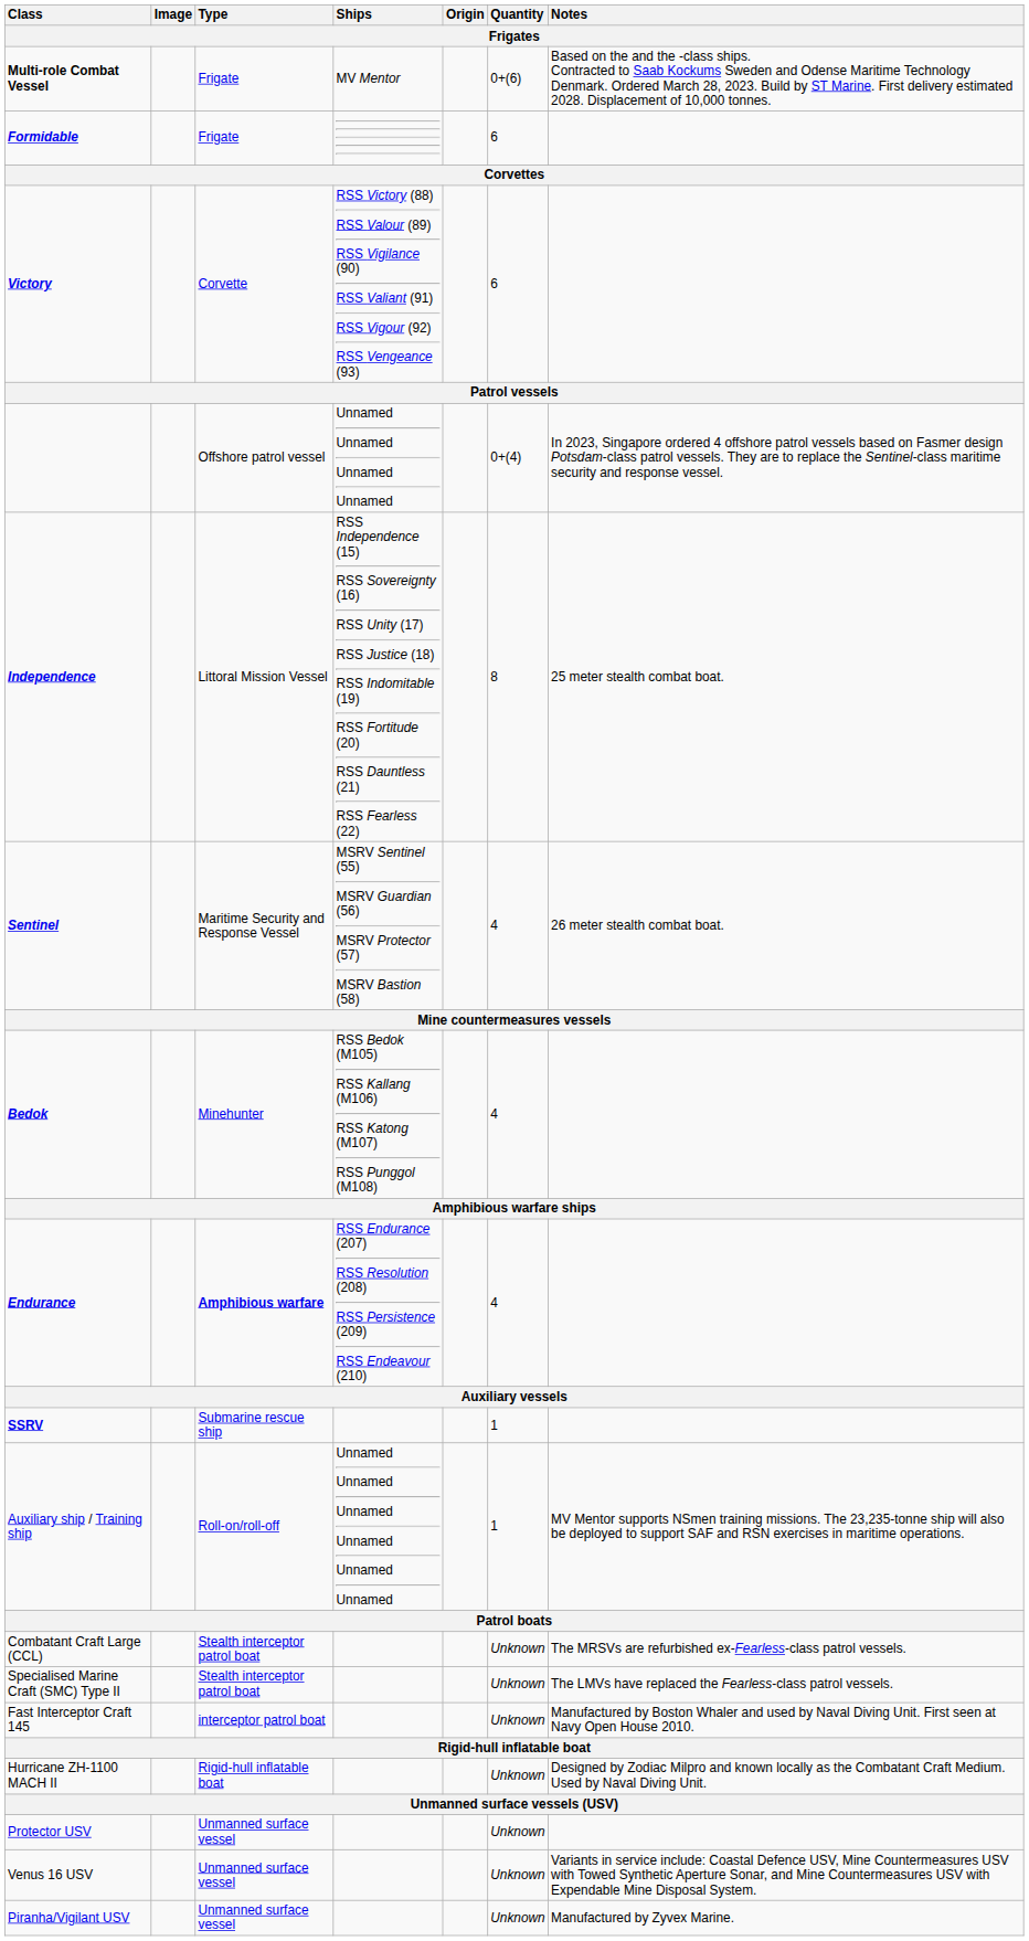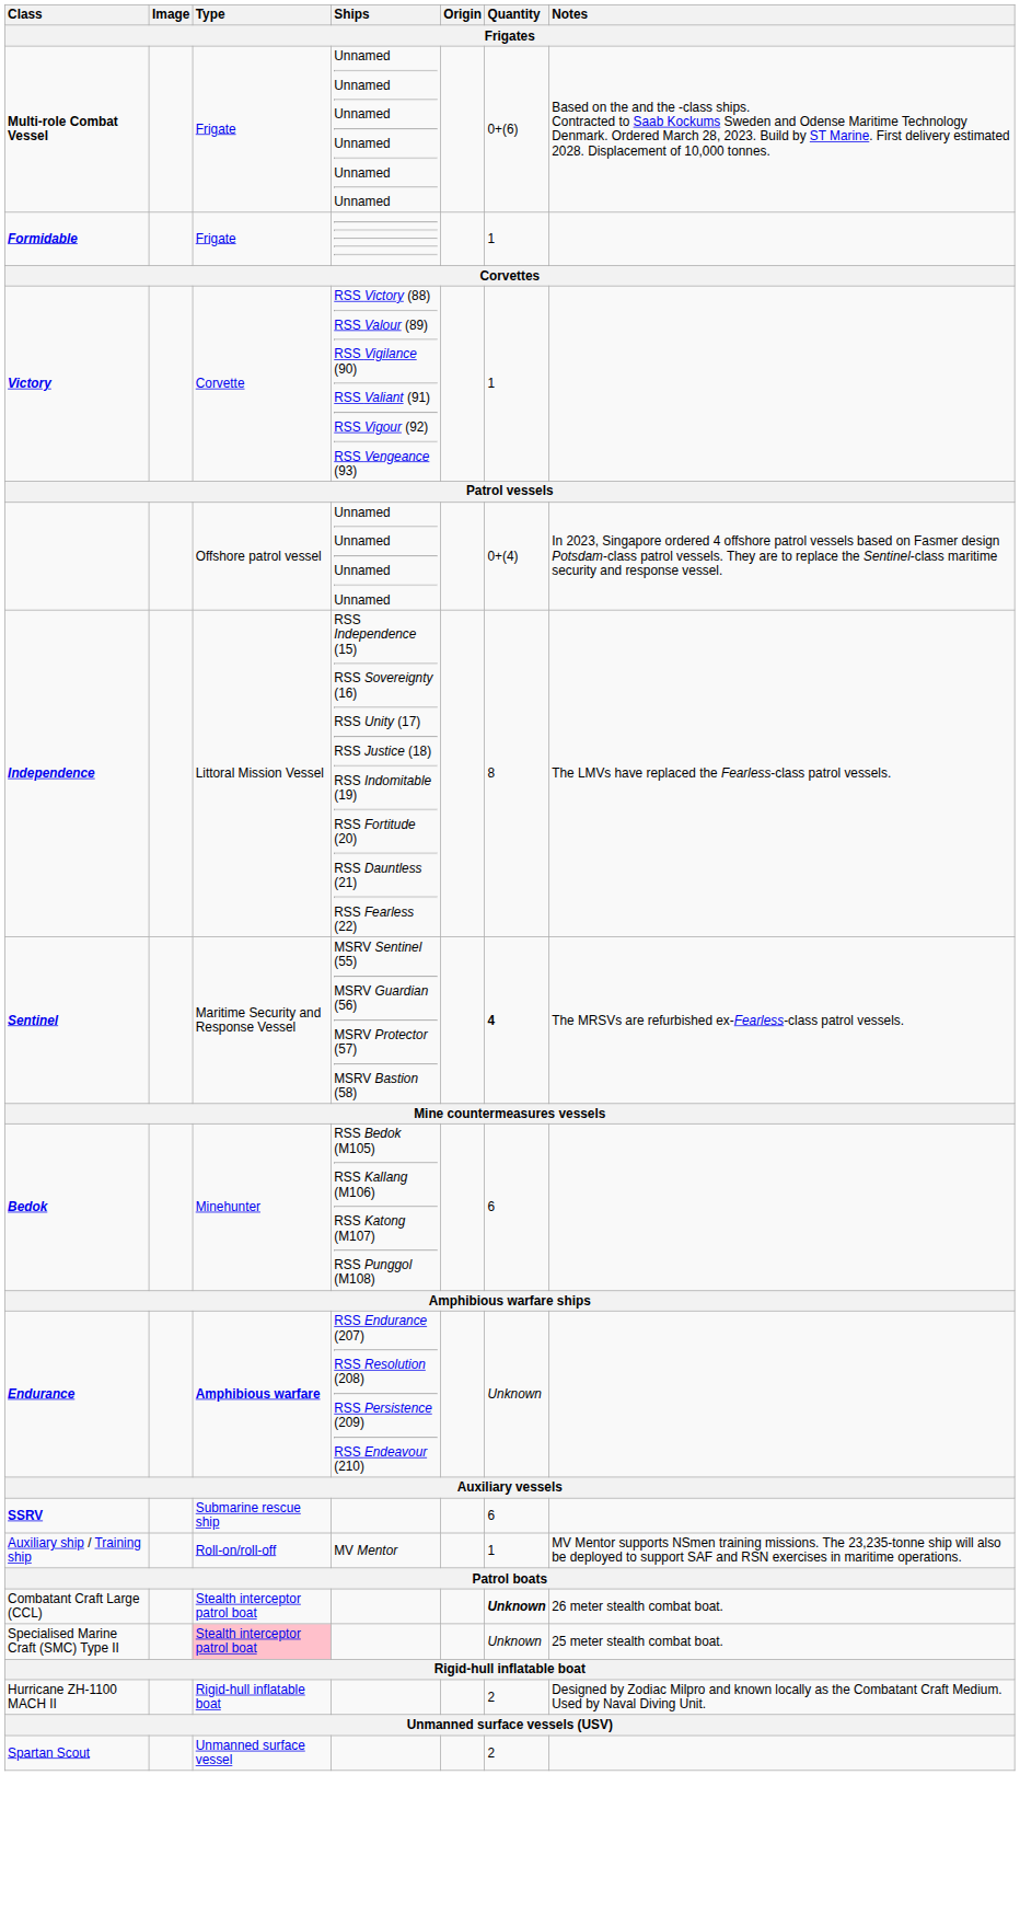 <table class="wikitable">
 <tr>
 <th style="text-align: left;">Class</th>
 <th style="text-align: left;">Image</th>
 <th style="text-align: left;">Type</th>
 <th style="text-align: left;">Ships</th>
 <th style="text-align: left;">Origin</th>
 <th style="text-align: left;">Quantity</th>
 <th style="text-align: left;">Notes</th>
 </tr>
 <tr>
 <th colspan="7">Frigates</th>
 </tr>
 <tr>
 <td><strong>Multi-role Combat Vessel</strong></td>
 <td></td>
 <td><a href='#'>Frigate</a></td>
-<td>MV <em>Mentor</em></td>
+<td>Unnamed<hr>Unnamed<hr>Unnamed<hr>Unnamed<hr>Unnamed<hr>Unnamed</td>
 <td><br><br></td>
 <td>0+(6)</td>
 <td>Based on the   and the -class ships.<br>Contracted to <a href='#'>Saab Kockums</a> Sweden and  Odense Maritime Technology Denmark. Ordered March 28, 2023.  Build by <a href='#'>ST Marine</a>.  First delivery estimated 2028. Displacement of 10,000 tonnes.</td>
 </tr>
 <tr>
 <td><strong><em><a href='#'>Formidable</a></em></strong></td>
 <td></td>
 <td><a href='#'>Frigate</a></td>
 <td><hr><hr><hr><hr><hr></td>
 <td><br></td>
-<td>6</td>
+<td>1</td>
 <td></td>
 </tr>
 <tr>
 <th colspan="7">Corvettes</th>
 </tr>
 <tr>
 <td><strong><em><a href='#'>Victory</a></em></strong></td>
 <td></td>
 <td><a href='#'>Corvette</a></td>
 <td><a href='#'>RSS <em>Victory</em></a> (88)<hr><a href='#'>RSS <em>Valour</em></a> (89)<hr><a href='#'>RSS <em>Vigilance</em></a> (90)<hr><a href='#'>RSS <em>Valiant</em></a> (91)<hr><a href='#'>RSS <em>Vigour</em></a> (92)<hr><a href='#'>RSS <em>Vengeance</em></a> (93)</td>
 <td><br></td>
-<td>6</td>
+<td>1</td>
 <td></td>
 </tr>
 <tr>
 <th colspan="7">Patrol vessels</th>
 </tr>
 <tr>
 <td><strong><em></em></strong></td>
 <td></td>
 <td>Offshore patrol vessel</td>
 <td>Unnamed<hr>Unnamed<hr>Unnamed<hr>Unnamed</td>
 <td></td>
 <td>0+(4)</td>
 <td>In 2023, Singapore ordered 4 offshore patrol vessels based on Fasmer design <em>Potsdam</em>-class patrol vessels. They are to replace the <em>Sentinel</em>-class maritime security and response vessel.</td>
 </tr>
 <tr>
 <td><strong><em><a href='#'>Independence</a></em></strong></td>
 <td></td>
 <td>Littoral Mission Vessel</td>
 <td>RSS <em>Independence</em> (15)<hr>RSS <em>Sovereignty</em> (16)<hr>RSS <em>Unity</em> (17)<hr>RSS <em>Justice</em> (18)<hr>RSS <em>Indomitable</em> (19)<hr>RSS <em>Fortitude</em> (20)<hr>RSS <em>Dauntless</em> (21)<hr>RSS <em>Fearless</em> (22)</td>
 <td></td>
 <td>8</td>
-<td>25 meter stealth combat boat.</td>
+<td>The LMVs have replaced the <em>Fearless</em>-class patrol vessels.</td>
 </tr>
 <tr>
 <td><strong><em><a href='#'>Sentinel</a></em></strong></td>
 <td></td>
 <td>Maritime Security and Response Vessel</td>
 <td>MSRV <em>Sentinel</em> (55)<hr>MSRV <em>Guardian</em> (56)<hr>MSRV <em>Protector</em> (57)<hr>MSRV <em>Bastion</em> (58)</td>
 <td></td>
-<td>4</td>
-<td>26 meter stealth combat boat.</td>
+<td><strong>4</strong></td>
+<td>The MRSVs are refurbished ex-<a href='#'><em>Fearless</em></a>-class patrol vessels.</td>
 </tr>
 <tr>
 <th colspan="7">Mine countermeasures vessels</th>
 </tr>
 <tr>
 <td><strong><em><a href='#'>Bedok</a></em></strong></td>
 <td></td>
 <td><a href='#'>Minehunter</a></td>
 <td>RSS <em>Bedok</em> (M105)<hr>RSS <em>Kallang</em> (M106)<hr>RSS <em>Katong</em> (M107)<hr>RSS <em>Punggol</em> (M108)</td>
 <td></td>
-<td>4</td>
+<td>6</td>
 <td></td>
 </tr>
 <tr>
 <th colspan="7">Amphibious warfare ships</th>
 </tr>
 <tr>
 <td><strong><em><a href='#'>Endurance</a></em></strong></td>
 <td></td>
 <td><strong><a href='#'>Amphibious warfare</a></strong></td>
 <td><a href='#'>RSS <em>Endurance</em></a> (207)<hr><a href='#'>RSS <em>Resolution</em></a> (208)<hr><a href='#'>RSS <em>Persistence</em></a> (209)<hr><a href='#'>RSS <em>Endeavour</em></a> (210)</td>
 <td></td>
-<td>4</td>
+<td><em>Unknown</em></td>
 <td></td>
 </tr>
 <tr>
 <th colspan="7">Auxiliary vessels</th>
 </tr>
 <tr>
 <td><strong><a href='#'>SSRV</a></strong></td>
 <td></td>
 <td><a href='#'>Submarine rescue ship</a></td>
 <td></td>
 <td></td>
-<td>1</td>
+<td>6</td>
 <td></td>
 </tr>
 <tr>
 <td><a href='#'>Auxiliary ship</a> / <a href='#'>Training ship</a></td>
 <td></td>
 <td><a href='#'>Roll-on/roll-off</a></td>
-<td>Unnamed<hr>Unnamed<hr>Unnamed<hr>Unnamed<hr>Unnamed<hr>Unnamed</td>
+<td>MV <em>Mentor</em></td>
 <td></td>
 <td>1</td>
 <td>MV Mentor supports NSmen training missions. The 23,235-tonne ship will also be deployed to support SAF and RSN exercises in maritime operations.</td>
 </tr>
 <tr>
 <th colspan="7">Patrol boats</th>
 </tr>
 <tr>
 <td>Combatant Craft Large (CCL)</td>
 <td></td>
 <td><a href='#'>Stealth interceptor patrol boat</a></td>
 <td></td>
 <td></td>
-<td><em>Unknown</em></td>
-<td>The MRSVs are refurbished ex-<a href='#'><em>Fearless</em></a>-class patrol vessels.</td>
+<td><strong><em>Unknown</em></strong></td>
+<td>26 meter stealth combat boat.</td>
 </tr>
 <tr>
 <td>Specialised Marine Craft (SMC) Type II</td>
 <td></td>
-<td><a href='#'>Stealth interceptor patrol boat</a></td>
+<td style="background: pink;"><a href='#'>Stealth interceptor patrol boat</a></td>
 <td></td>
 <td></td>
 <td><em>Unknown</em></td>
-<td>The LMVs have replaced the <em>Fearless</em>-class patrol vessels.</td>
-</tr>
-<tr>
-<td>Fast Interceptor Craft 145</td>
-<td></td>
-<td><a href='#'>interceptor patrol boat</a></td>
-<td></td>
-<td></td>
-<td><em>Unknown</em></td>
-<td>Manufactured by Boston Whaler and used by Naval Diving Unit. First seen at Navy Open House 2010.</td>
+<td>25 meter stealth combat boat.</td>
 </tr>
 <tr>
 <th colspan="7">Rigid-hull inflatable boat</th>
 </tr>
 <tr>
 <td>Hurricane ZH-1100 MACH II</td>
 <td></td>
 <td><a href='#'>Rigid-hull inflatable boat</a></td>
 <td></td>
 <td></td>
-<td><em>Unknown</em></td>
+<td>2</td>
 <td>Designed by Zodiac Milpro and known locally as the Combatant Craft Medium. Used by Naval Diving Unit.</td>
 </tr>
 <tr>
 <th colspan="7">Unmanned surface vessels (USV)</th>
 </tr>
 <tr>
-<td><a href='#'>Protector USV</a></td>
+<td><a href='#'>Spartan Scout</a></td>
 <td></td>
 <td><a href='#'>Unmanned surface vessel</a></td>
 <td></td>
 <td></td>
-<td><em>Unknown</em></td>
+<td>2</td>
 <td></td>
 </tr>
-<tr>
-<td>Venus 16 USV</td>
-<td></td>
-<td><a href='#'>Unmanned surface vessel</a></td>
-<td></td>
-<td></td>
-<td><em>Unknown</em></td>
-<td>Variants in service include: Coastal Defence USV, Mine Countermeasures USV with Towed Synthetic Aperture Sonar, and Mine Countermeasures USV with Expendable Mine Disposal System.</td>
-</tr>
-<tr>
-<td><a href='#'>Piranha/Vigilant USV</a></td>
-<td></td>
-<td><a href='#'>Unmanned surface vessel</a></td>
-<td></td>
-<td></td>
-<td><em>Unknown</em></td>
-<td>Manufactured by Zyvex Marine.</td>
-</tr>
 </table>
